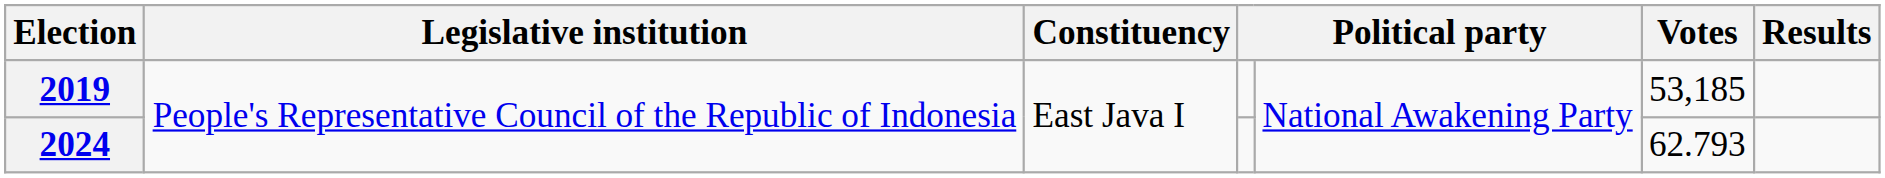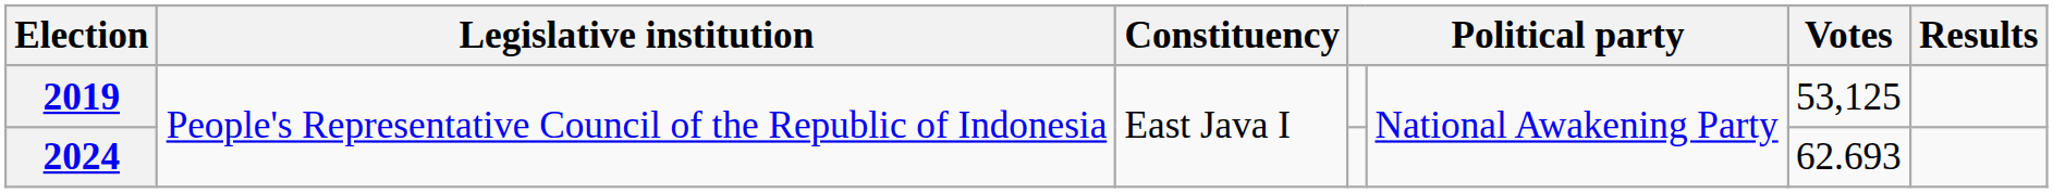 <table class="wikitable">
 <tr>
 <th>Election</th>
 <th><strong>Legislative institution</strong></th>
 <th>Constituency</th>
 <th colspan="2">Political party</th>
 <th>Votes</th>
 <th>Results</th>
 </tr>
 <tr>
 <th><strong><a href='#'>2019</a></strong></th>
 <td rowspan="3"><a href='#'>People's Representative Council of the Republic of Indonesia</a></td>
 <td rowspan="3">East Java I</td>
 <td style="background:"></td>
 <td rowspan="3"><a href='#'>National Awakening Party</a></td>
-<td>53,185</td>
+<td>53,125</td>
 <td></td>
 </tr>
 <tr>
 <th><strong><a href='#'>2024</a></strong></th>
 <td style="background:"></td>
-<td>62.793</td>
+<td>62.693</td>
 <td></td>
 </tr>
 </table>
